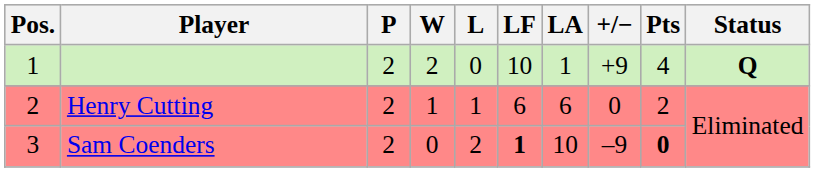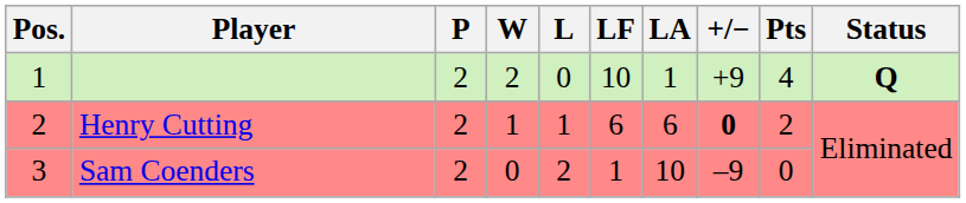 <table class="wikitable" style="text-align:center; margin: 1em auto 1em auto, align:left">
 <tr>
 <th width=20>Pos.</th>
 <th width=185>Player</th>
 <th width=20>P</th>
 <th width=20>W</th>
 <th width=20>L</th>
 <th width=20>LF</th>
 <th width=20>LA</th>
 <th width=25>+/−</th>
 <th width=20>Pts</th>
 <th width=70>Status</th>
 </tr>
 <tr style="background:#D0F0C0;">
 <td>1</td>
 <td align=left></td>
 <td>2</td>
 <td>2</td>
 <td>0</td>
 <td>10</td>
 <td>1</td>
 <td>+9</td>
 <td>4</td>
 <td><strong>Q</strong></td>
 </tr>
 <tr style="background:#FF8888;">
 <td>2</td>
 <td align=left> <a href='#'>Henry Cutting</a></td>
 <td>2</td>
 <td>1</td>
 <td>1</td>
 <td>6</td>
 <td>6</td>
-<td>0</td>
+<td><strong>0</strong></td>
 <td>2</td>
 <td rowspan=2>Eliminated</td>
 </tr>
 <tr style="background:#FF8888;">
 <td>3</td>
 <td align=left> <a href='#'>Sam Coenders</a></td>
 <td>2</td>
 <td>0</td>
 <td>2</td>
-<td><strong>1</strong></td>
+<td>1</td>
 <td>10</td>
 <td>–9</td>
-<td><strong>0</strong></td>
+<td>0</td>
 </tr>
 </table>
